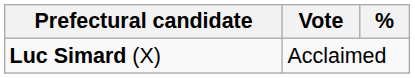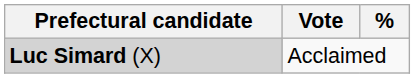 <table class="wikitable">
 <tr>
 <th bgcolor="#DDDDFF" width="200px">Prefectural candidate</th>
 <th bgcolor="#DDDDFF" width="50px">Vote</th>
 <th bgcolor="#DDDDFF" width="30px">%</th>
 </tr>
 <tr>
-<td><strong>Luc Simard</strong> (X)</td>
+<td style="background: lightgrey;"><strong>Luc Simard</strong> (X)</td>
 <td colspan="2">Acclaimed</td>
 </tr>
 </table>
